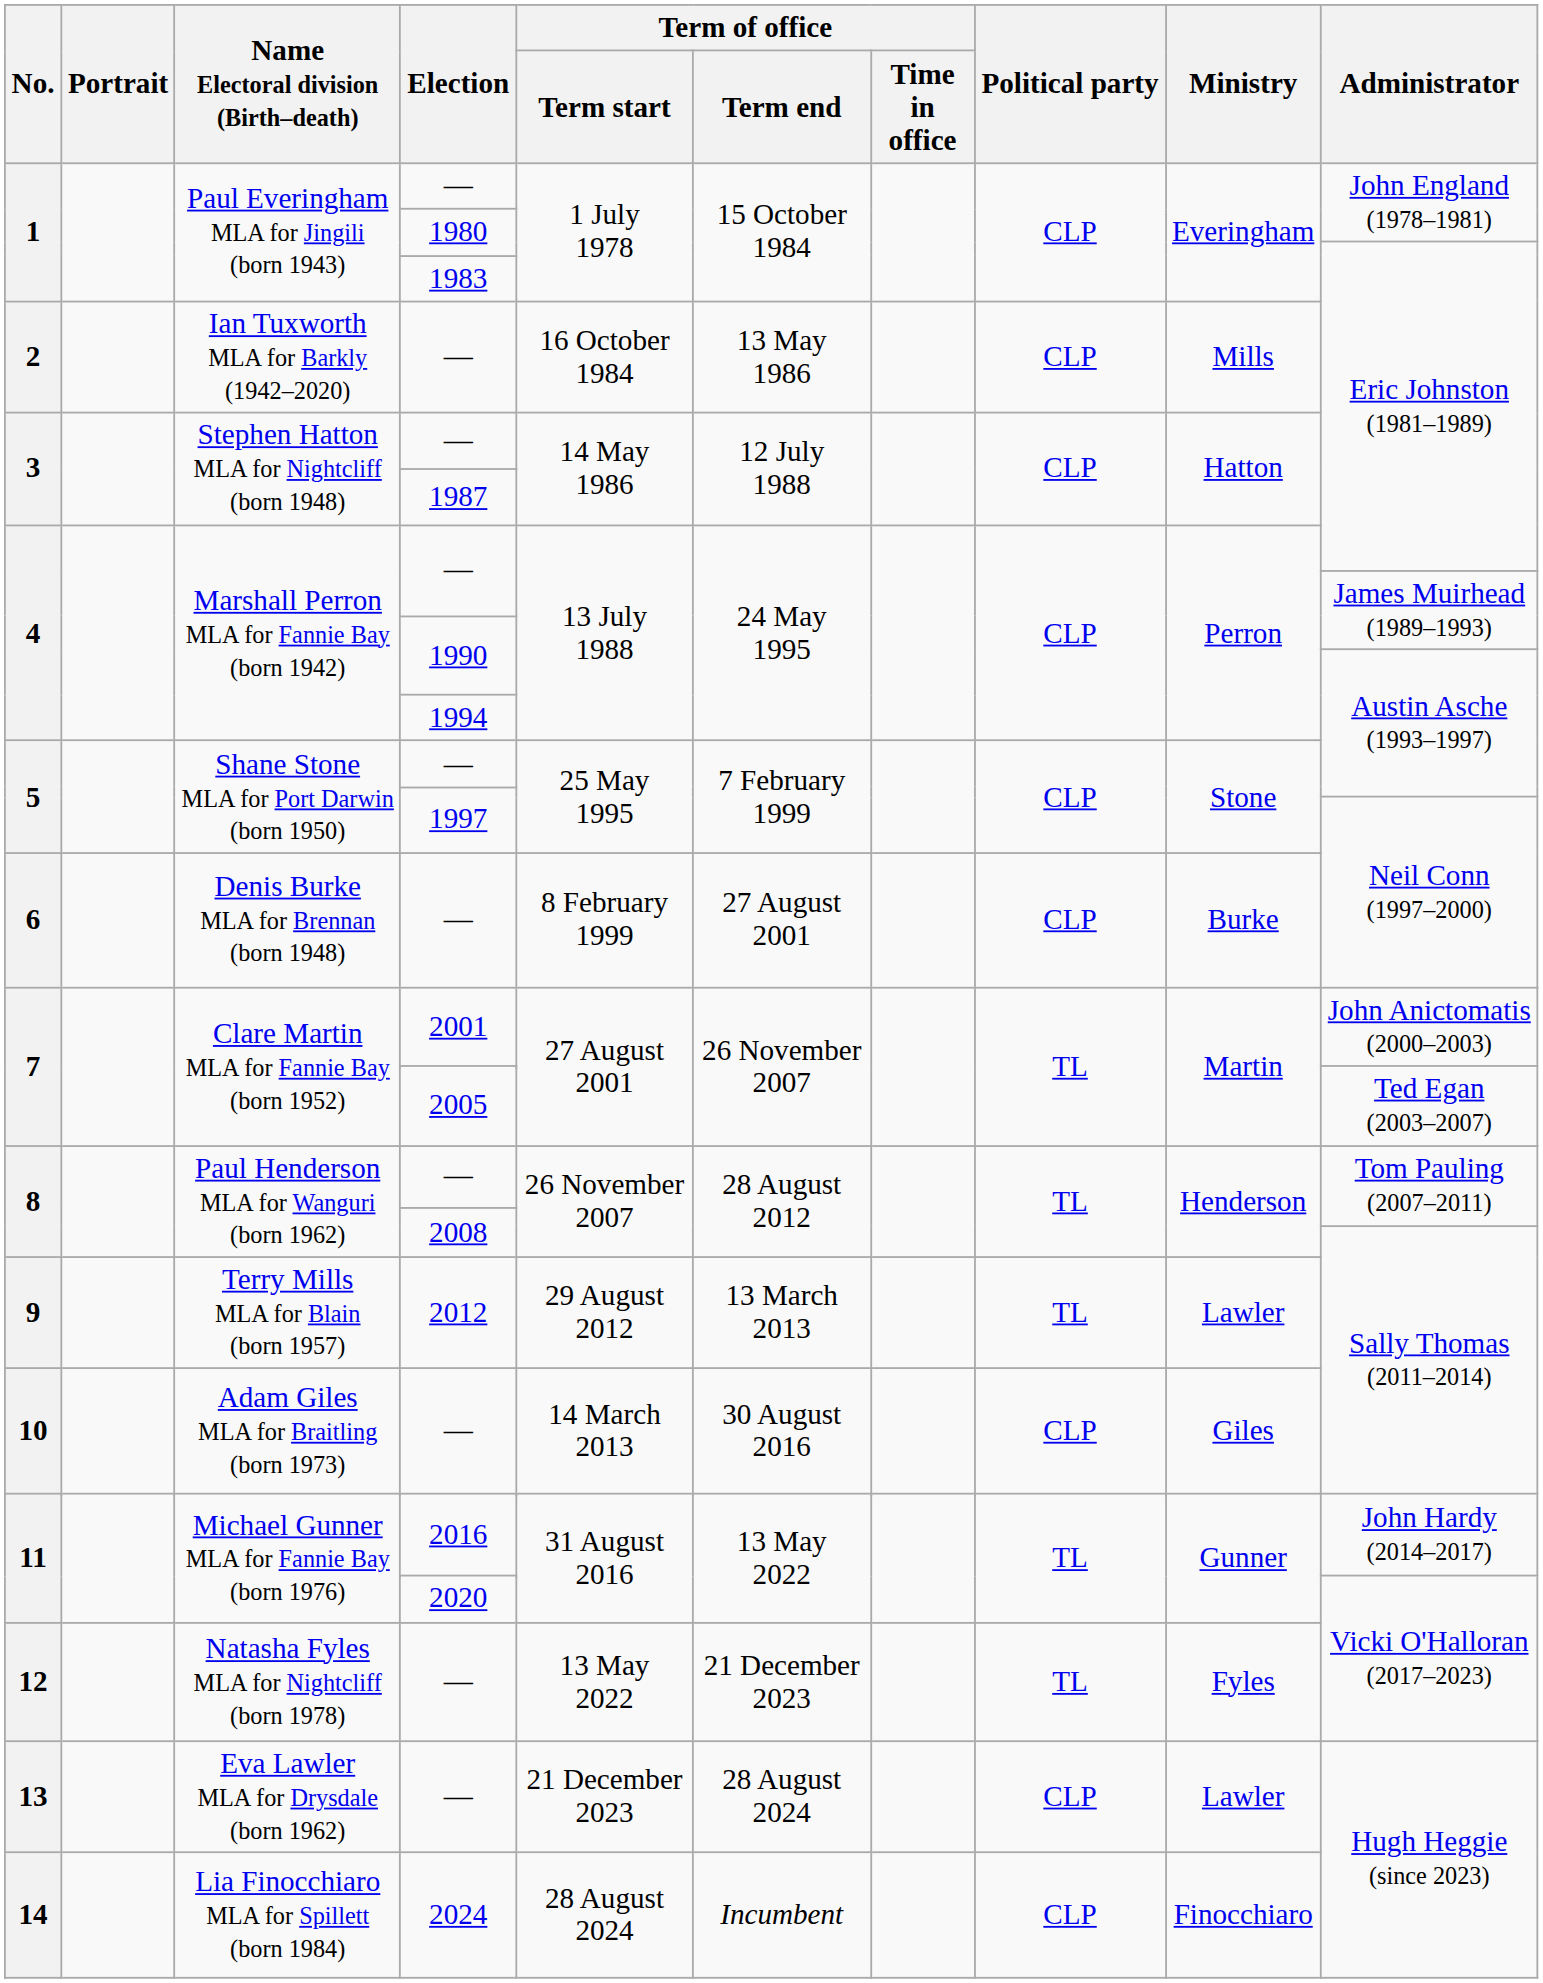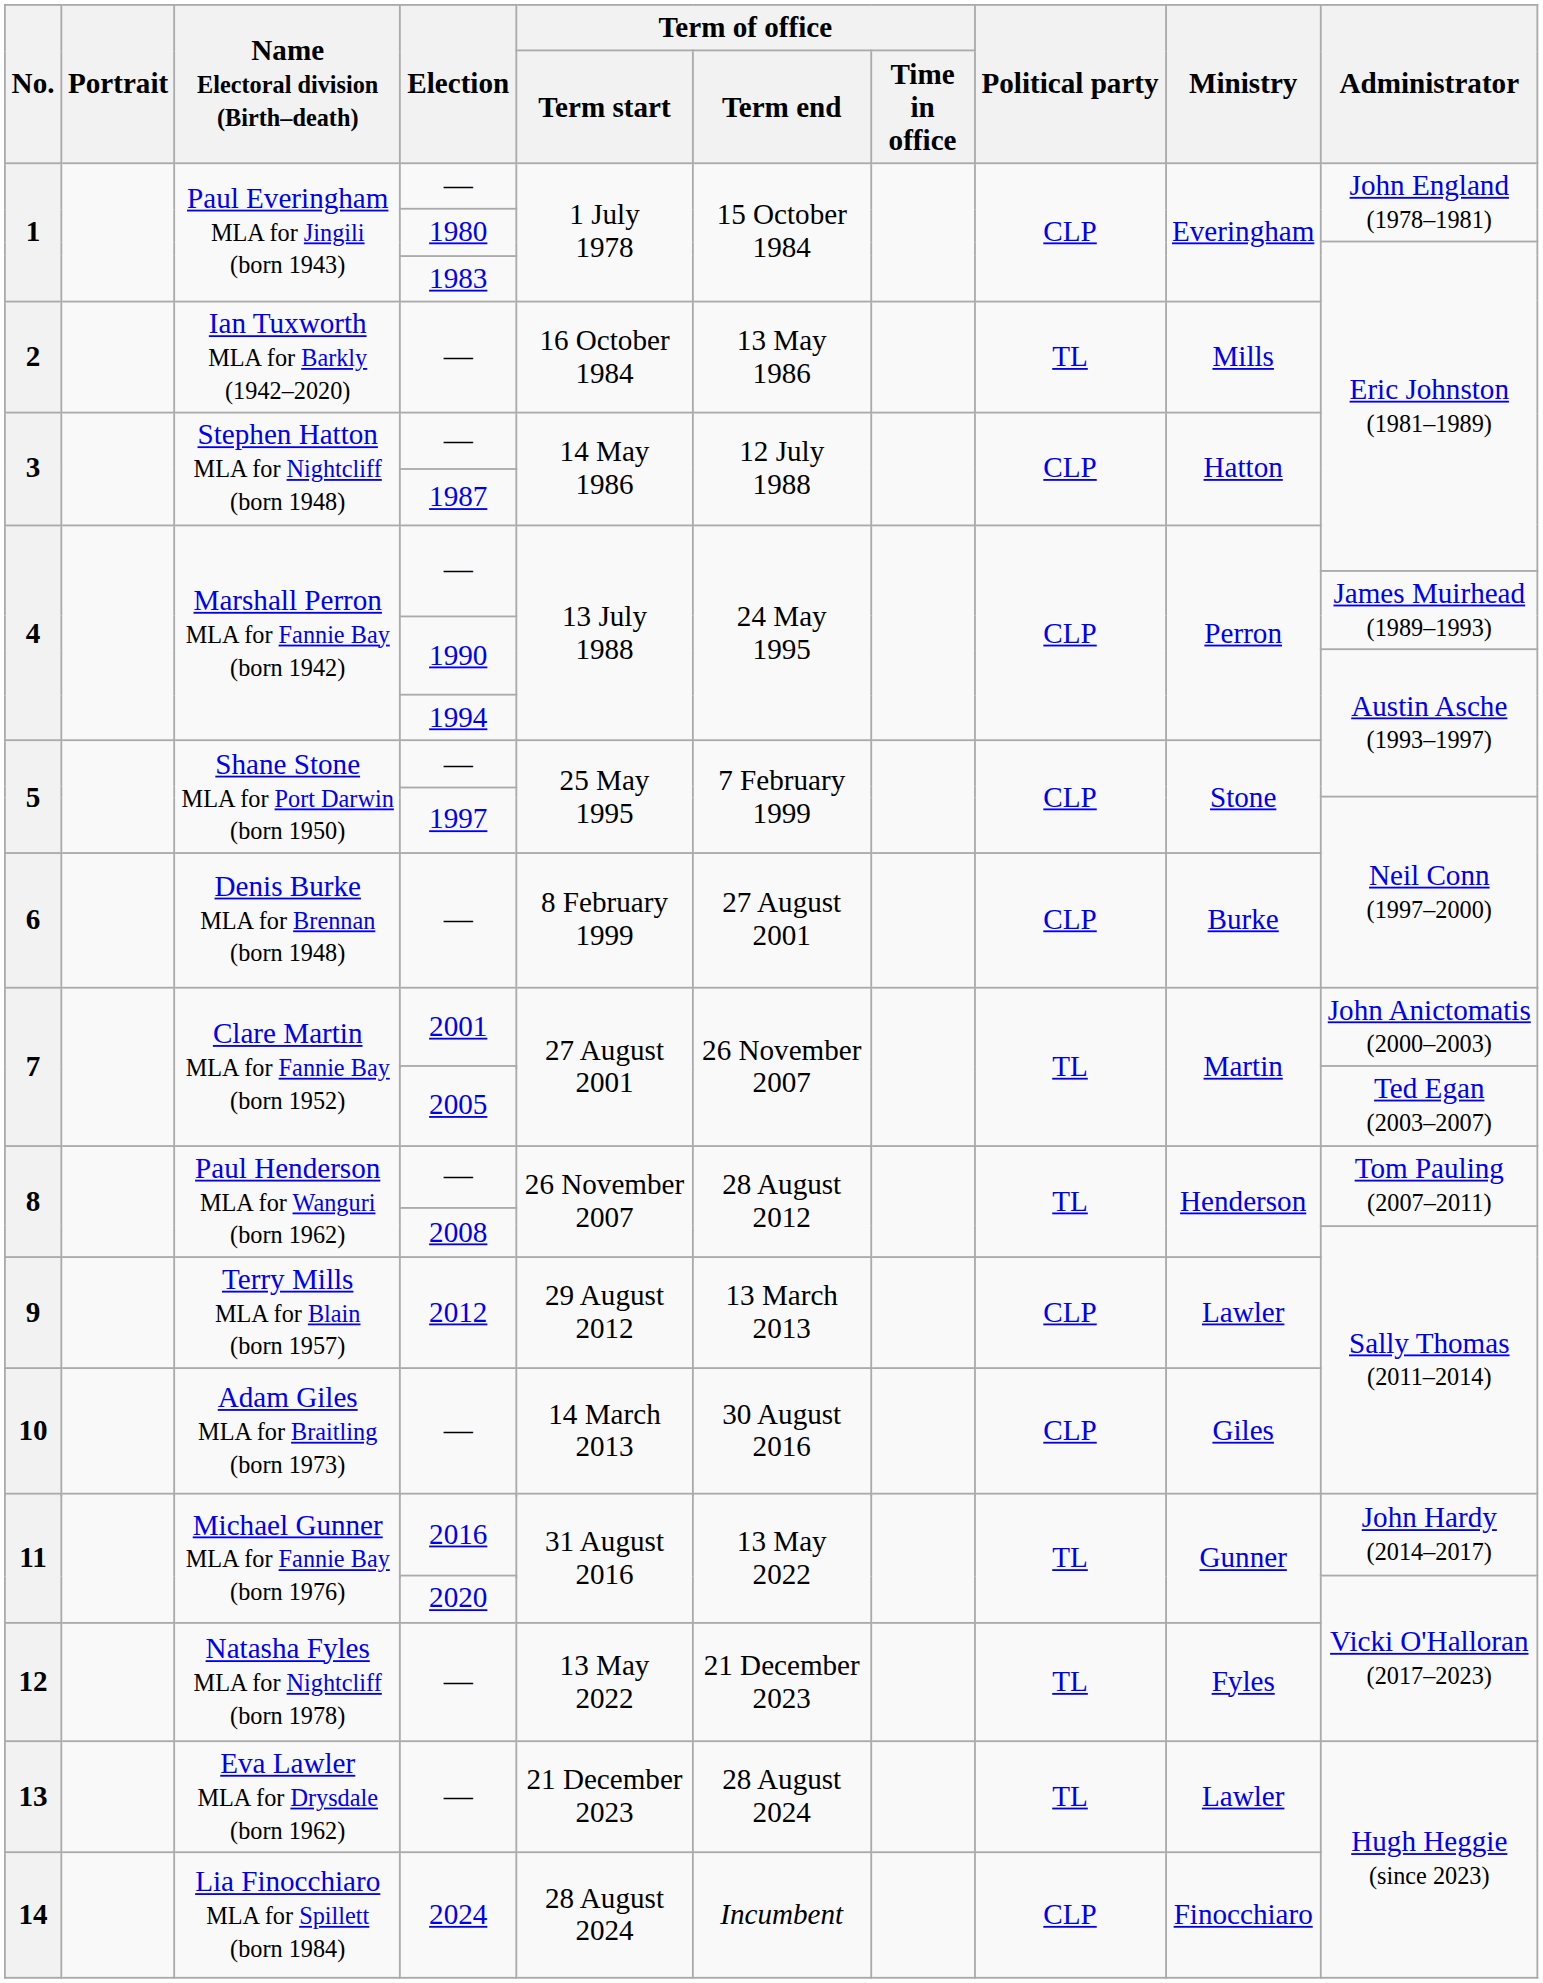 <table class="wikitable" style="text-align:center">
 <tr>
 <th rowspan="2">No.</th>
 <th rowspan="2">Portrait</th>
 <th rowspan="2">Name<br><small>Electoral division<br>(Birth–death)</small></th>
 <th rowspan="2">Election</th>
 <th colspan="3">Term of office</th>
 <th rowspan="2">Political party</th>
 <th rowspan="2">Ministry</th>
 <th rowspan="2">Administrator</th>
 </tr>
 <tr>
 <th width="90px">Term start</th>
 <th width="90px">Term end</th>
 <th width="50px">Time in office</th>
 </tr>
 <tr>
 <th rowspan="4" >1</th>
 <td rowspan="4"></td>
 <td rowspan="4"><a href='#'>Paul Everingham</a><br><small>MLA for <a href='#'>Jingili</a></small><br><small>(born 1943)</small></td>
 <td>—</td>
 <td rowspan="4">1 July<br>1978</td>
 <td rowspan="4">15 October<br>1984</td>
 <td rowspan="4"></td>
 <td rowspan="4"><a href='#'>CLP</a></td>
 <td rowspan="4"><a href='#'>Everingham</a></td>
 <td rowspan="2"><a href='#'>John England</a><br><small>(1978–1981)</small></td>
 </tr>
 <tr>
 <td rowspan="2"><a href='#'>1980</a></td>
 </tr>
 <tr>
 <td rowspan="6"><a href='#'>Eric Johnston</a><br><small>(1981–1989)</small></td>
 </tr>
 <tr>
 <td><a href='#'>1983</a></td>
 </tr>
 <tr>
 <th>2</th>
 <td></td>
 <td><a href='#'>Ian Tuxworth</a><br><small>MLA for <a href='#'>Barkly</a></small><br><small>(1942–2020)</small></td>
 <td>—</td>
 <td>16 October<br>1984</td>
 <td>13 May<br>1986</td>
 <td></td>
-<td><a href='#'>CLP</a></td>
+<td><a href='#'>TL</a></td>
 <td><a href='#'>Mills</a></td>
 </tr>
 <tr>
 <th rowspan="2" >3</th>
 <td rowspan="2"></td>
 <td rowspan="2"><a href='#'>Stephen Hatton</a><br><small>MLA for <a href='#'>Nightcliff</a></small><br><small>(born 1948)</small></td>
 <td>—</td>
 <td rowspan="2">14 May<br>1986</td>
 <td rowspan="2">12 July<br>1988</td>
 <td rowspan="2"></td>
 <td rowspan="2"><a href='#'>CLP</a></td>
 <td rowspan="2"><a href='#'>Hatton</a></td>
 </tr>
 <tr>
 <td><a href='#'>1987</a></td>
 </tr>
 <tr style="height:25px">
 <th rowspan="5" >4</th>
 <td rowspan="5"></td>
 <td rowspan="5"><a href='#'>Marshall Perron</a><br><small>MLA for <a href='#'>Fannie Bay</a></small><br><small>(born 1942)</small></td>
 <td rowspan="2">—</td>
 <td rowspan="5">13 July<br>1988</td>
 <td rowspan="5">24 May<br>1995</td>
 <td rowspan="5"></td>
 <td rowspan="5"><a href='#'>CLP</a></td>
 <td rowspan="5"><a href='#'>Perron</a></td>
 </tr>
 <tr style="height:25px">
 <td rowspan="2"><a href='#'>James Muirhead</a><br><small>(1989–1993)</small></td>
 </tr>
 <tr>
 <td rowspan="2"><a href='#'>1990</a></td>
 </tr>
 <tr style="height:25px">
 <td rowspan="4"><a href='#'>Austin Asche</a><br><small>(1993–1997)</small></td>
 </tr>
 <tr>
 <td><a href='#'>1994</a></td>
 </tr>
 <tr>
 <th rowspan="3" >5</th>
 <td rowspan="3"></td>
 <td rowspan="3"><a href='#'>Shane Stone</a><br><small>MLA for <a href='#'>Port Darwin</a></small><br><small>(born 1950)</small></td>
 <td>—</td>
 <td rowspan="3">25 May<br>1995</td>
 <td rowspan="3">7 February<br>1999</td>
 <td rowspan="3"></td>
 <td rowspan="3"><a href='#'>CLP</a></td>
 <td rowspan="3"><a href='#'>Stone</a></td>
 </tr>
 <tr>
 <td rowspan="2"><a href='#'>1997</a></td>
 </tr>
 <tr>
 <td rowspan="2"><a href='#'>Neil Conn</a><br><small>(1997–2000)</small></td>
 </tr>
 <tr style="height:74px">
 <th rowspan="2" >6</th>
 <td rowspan="2"></td>
 <td rowspan="2"><a href='#'>Denis Burke</a><br><small>MLA for <a href='#'>Brennan</a></small><br><small>(born 1948)</small></td>
 <td rowspan="2">—</td>
 <td rowspan="2">8 February<br>1999</td>
 <td rowspan="2">27 August<br>2001</td>
 <td rowspan="2"></td>
 <td rowspan="2"><a href='#'>CLP</a></td>
 <td rowspan="2"><a href='#'>Burke</a></td>
 </tr>
 <tr>
 <td rowspan="2"><a href='#'>John Anictomatis</a><br><small>(2000–2003)</small></td>
 </tr>
 <tr style="height:25px">
 <th rowspan="4" style="background:">7</th>
 <td rowspan="4"></td>
 <td rowspan="4"><a href='#'>Clare Martin</a><br><small>MLA for <a href='#'>Fannie Bay</a></small><br><small>(born 1952)</small></td>
 <td rowspan="2"><a href='#'>2001</a></td>
 <td rowspan="4">27 August<br>2001</td>
 <td rowspan="4">26 November<br>2007</td>
 <td rowspan="4"></td>
 <td rowspan="4"><a href='#'>TL</a></td>
 <td rowspan="4"><a href='#'>Martin</a></td>
 </tr>
 <tr>
 <td rowspan="2"><a href='#'>Ted Egan</a><br><small>(2003–2007)</small></td>
 </tr>
 <tr>
 <td rowspan="2"><a href='#'>2005</a></td>
 </tr>
 <tr>
 <td rowspan="3"><a href='#'>Tom Pauling</a><br><small>(2007–2011)</small></td>
 </tr>
 <tr>
 <th rowspan="3" style="background:">8</th>
 <td rowspan="3"></td>
 <td rowspan="3"><a href='#'>Paul Henderson</a><br><small>MLA for <a href='#'>Wanguri</a></small><br><small>(born 1962)</small></td>
 <td>—</td>
 <td rowspan="3">26 November<br>2007</td>
 <td rowspan="3">28 August<br>2012</td>
 <td rowspan="3"></td>
 <td rowspan="3"><a href='#'>TL</a></td>
 <td rowspan="3"><a href='#'>Henderson</a></td>
 </tr>
 <tr>
 <td rowspan="2"><a href='#'>2008</a></td>
 </tr>
 <tr>
 <td rowspan="3"><a href='#'>Sally Thomas</a><br><small>(2011–2014)</small></td>
 </tr>
 <tr>
 <th>9</th>
 <td></td>
 <td><a href='#'>Terry Mills</a><br><small>MLA for <a href='#'>Blain</a></small><br><small>(born 1957)</small></td>
 <td><a href='#'>2012</a></td>
 <td>29 August<br>2012</td>
 <td>13 March<br>2013</td>
 <td></td>
-<td><a href='#'>TL</a></td>
+<td><a href='#'>CLP</a></td>
 <td><a href='#'>Lawler</a></td>
 </tr>
 <tr style="height:69px">
 <th rowspan="2" >10</th>
 <td rowspan="2"></td>
 <td rowspan="2"><a href='#'>Adam Giles</a><br><small>MLA for <a href='#'>Braitling</a></small><br><small>(born 1973)</small></td>
 <td rowspan="2">—</td>
 <td rowspan="2">14 March<br>2013</td>
 <td rowspan="2">30 August<br>2016</td>
 <td rowspan="2"></td>
 <td rowspan="2"><a href='#'>CLP</a></td>
 <td rowspan="2"><a href='#'>Giles</a></td>
 </tr>
 <tr>
 <td rowspan="2"><a href='#'>John Hardy</a><br><small>(2014–2017)</small></td>
 </tr>
 <tr style="height:45px">
 <th rowspan="3" style="background:">11</th>
 <td rowspan="3"></td>
 <td rowspan="3"><a href='#'>Michael Gunner</a><br><small>MLA for <a href='#'>Fannie Bay</a></small><br><small>(born 1976)</small></td>
 <td rowspan="2"><a href='#'>2016</a></td>
 <td rowspan="3">31 August<br>2016</td>
 <td rowspan="3">13 May<br>2022</td>
 <td rowspan="3"></td>
 <td rowspan="3"><a href='#'>TL</a></td>
 <td rowspan="3"><a href='#'>Gunner</a></td>
 </tr>
 <tr>
 <td rowspan="3"><a href='#'>Vicki O'Halloran</a><br><small>(2017–2023)</small></td>
 </tr>
 <tr>
 <td><a href='#'>2020</a></td>
 </tr>
 <tr style="height:65px">
 <th rowspan="2" style="background:">12</th>
 <td rowspan="2"></td>
 <td rowspan="2"><a href='#'>Natasha Fyles</a><br><small>MLA for <a href='#'>Nightcliff</a></small><br><small>(born 1978)</small></td>
 <td rowspan="2">—</td>
 <td rowspan="2">13 May<br>2022</td>
 <td rowspan="2">21 December<br>2023</td>
 <td rowspan="2"></td>
 <td rowspan="2"><a href='#'>TL</a></td>
 <td rowspan="2"><a href='#'>Fyles</a></td>
 </tr>
 <tr>
 <td rowspan="3"><a href='#'>Hugh Heggie</a><br><small>(since 2023)</small></td>
 </tr>
 <tr>
 <th style="background:">13</th>
 <td></td>
 <td><a href='#'>Eva Lawler</a><br><small>MLA for <a href='#'>Drysdale</a></small><br><small>(born 1962)</small></td>
 <td>—</td>
 <td>21 December<br>2023</td>
 <td>28 August 2024</td>
 <td></td>
-<td><a href='#'>CLP</a></td>
+<td><a href='#'>TL</a></td>
 <td><a href='#'>Lawler</a></td>
 </tr>
 <tr style="height:69px">
 <th rowspan="2" >14</th>
 <td rowspan="2"></td>
 <td rowspan="2"><a href='#'>Lia Finocchiaro</a><br><small>MLA for <a href='#'>Spillett</a></small><br><small>(born 1984)</small></td>
 <td rowspan="2"><a href='#'>2024</a></td>
 <td rowspan="2">28 August 2024</td>
 <td rowspan="2"><em>Incumbent</em></td>
 <td rowspan="2"></td>
 <td rowspan="2"><a href='#'>CLP</a></td>
 <td rowspan="2"><a href='#'>Finocchiaro</a></td>
 </tr>
 </table>
